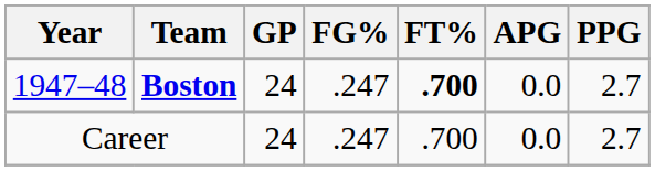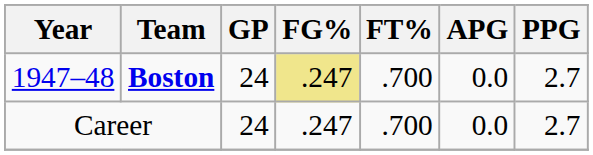 <table class="wikitable sortable" style="font-size:95%; text-align:right;">
 <tr>
 <th>Year</th>
 <th>Team</th>
 <th>GP</th>
 <th>FG%</th>
 <th>FT%</th>
 <th>APG</th>
 <th>PPG</th>
 </tr>
 <tr>
 <td style="text-align:left;"><a href='#'>1947–48</a></td>
 <td style="text-align:left;"><strong><a href='#'>Boston</a></strong></td>
 <td>24</td>
-<td>.247</td>
-<td><strong>.700</strong></td>
+<td style="background: khaki;">.247</td>
+<td>.700</td>
 <td>0.0</td>
 <td>2.7</td>
 </tr>
 <tr>
 <td style="text-align:center;" colspan="2">Career</td>
 <td>24</td>
 <td>.247</td>
 <td>.700</td>
 <td>0.0</td>
 <td>2.7</td>
 </tr>
 <tr>
 </tr>
 </table>
